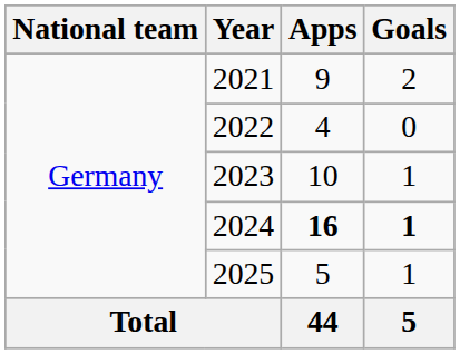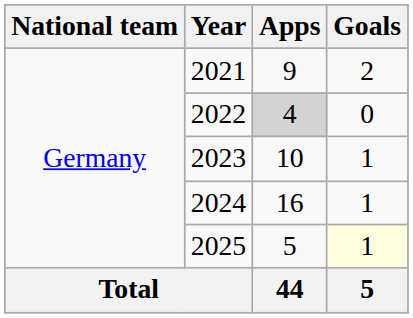 <table class="wikitable" style="text-align:center">
 <tr>
 <th>National team</th>
 <th>Year</th>
 <th>Apps</th>
 <th>Goals</th>
 </tr>
 <tr>
 <td rowspan="5"><a href='#'>Germany</a></td>
 <td>2021</td>
 <td>9</td>
 <td>2</td>
 </tr>
 <tr>
 <td>2022</td>
-<td>4</td>
+<td style="background: lightgrey;">4</td>
 <td>0</td>
 </tr>
 <tr>
 <td>2023</td>
 <td>10</td>
 <td>1</td>
 </tr>
 <tr>
 <td>2024</td>
-<td><strong>16</strong></td>
-<td><strong>1</strong></td>
+<td>16</td>
+<td>1</td>
 </tr>
 <tr>
 <td>2025</td>
 <td>5</td>
-<td>1</td>
+<td style="background: lightyellow;">1</td>
 </tr>
 <tr>
 <th colspan="2">Total</th>
 <th>44</th>
 <th>5</th>
 </tr>
 </table>
